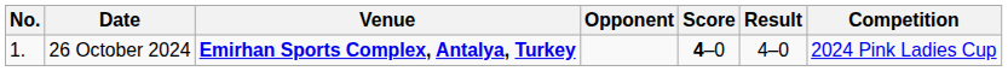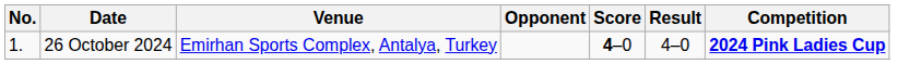 <table class="wikitable">
 <tr>
 <th>No.</th>
 <th>Date</th>
 <th>Venue</th>
 <th>Opponent</th>
 <th>Score</th>
 <th>Result</th>
 <th>Competition</th>
 </tr>
 <tr>
 <td>1.</td>
 <td>26 October 2024</td>
-<td><strong><a href='#'>Emirhan Sports Complex</a>, <a href='#'>Antalya</a>, <a href='#'>Turkey</a></strong></td>
+<td><a href='#'>Emirhan Sports Complex</a>, <a href='#'>Antalya</a>, <a href='#'>Turkey</a></td>
 <td></td>
 <td align=center><strong>4</strong>–0</td>
 <td align=center>4–0</td>
-<td><a href='#'>2024 Pink Ladies Cup</a></td>
+<td><strong><a href='#'>2024 Pink Ladies Cup</a></strong></td>
 </tr>
 <tr>
 </tr>
 </table>
